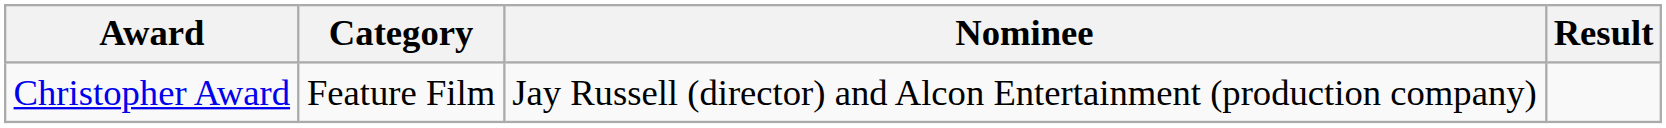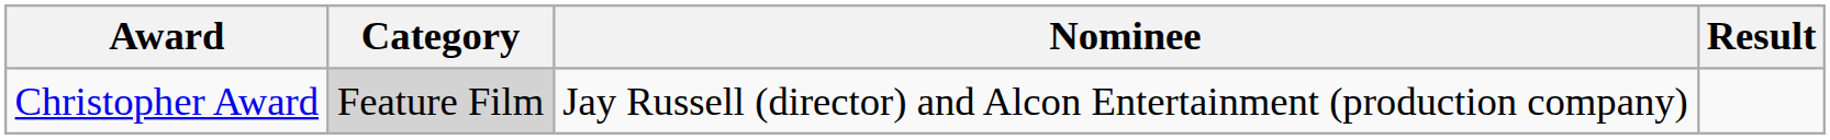 <table class="wikitable sortable">
 <tr>
 <th>Award</th>
 <th>Category</th>
 <th>Nominee</th>
 <th>Result</th>
 </tr>
 <tr>
 <td rowspan="2"><a href='#'>Christopher Award</a></td>
-<td>Feature Film</td>
+<td style="background: lightgrey;">Feature Film</td>
 <td>Jay Russell (director) and Alcon Entertainment (production company)</td>
 <td></td>
 </tr>
 </table>
